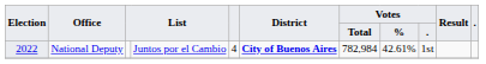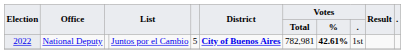 <table class="wikitable" style="font-size:90%; text-align:center;">
 <tr>
 <th style="background-color:#EAECF0;" rowspan=2>Election</th>
 <th style="background-color:#EAECF0;" rowspan=2>Office</th>
 <th style="background-color:#EAECF0;" colspan=2 rowspan=2>List</th>
 <th style="background-color:#EAECF0;" rowspan=2></th>
 <th style="background-color:#EAECF0;" rowspan=2>District</th>
 <th style="background-color:#EAECF0;" colspan=3>Votes</th>
 <th style="background-color:#EAECF0;" rowspan=2>Result</th>
 <th style="background-color:#EAECF0;" rowspan=2>.</th>
 </tr>
 <tr>
 <th style="background-color:#EAECF0;">Total</th>
 <th style="background-color:#EAECF0;">%</th>
 <th style="background-color:#EAECF0;">.</th>
 </tr>
 <tr>
 <td style="background-color:#EAECF0;"><a href='#'>2022</a></td>
 <td><a href='#'>National Deputy</a></td>
 <td style="background-color:"></td>
 <td><a href='#'>Juntos por el Cambio</a></td>
-<td>4</td>
+<td>5</td>
 <td><strong><a href='#'>City of Buenos Aires</a></strong></td>
-<td>782,984</td>
-<td>42.61%</td>
+<td>782,981</td>
+<td><strong>42.61%</strong></td>
 <td>1st</td>
 <td></td>
 <td></td>
 </tr>
 <tr>
 </tr>
 </table>
